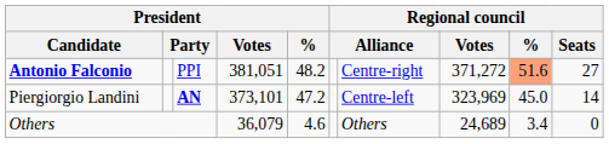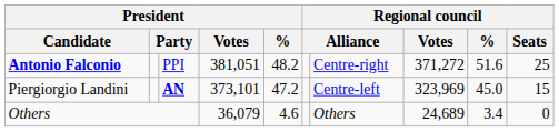 <table class="wikitable" style="text-align:right; style="width=65%">
 <tr>
 <th colspan="5">President</th>
 <th colspan="7">Regional council</th>
 </tr>
 <tr>
 <th>Candidate</th>
 <th colspan="2">Party</th>
 <th>Votes</th>
 <th>%</th>
 <th colspan="2">Alliance</th>
 <th>Votes</th>
 <th>%</th>
 <th>Seats</th>
 </tr>
 <tr>
 <td style="text-align:left"><strong><a href='#'>Antonio Falconio</a></strong></td>
 <td></td>
 <td style="text-align:left"><a href='#'>PPI</a></td>
 <td>381,051</td>
 <td>48.2</td>
 <td></td>
 <td style="text-align:left"><a href='#'>Centre-right</a></td>
 <td>371,272</td>
-<td style="background: lightsalmon;">51.6</td>
-<td>27</td>
+<td>51.6</td>
+<td>25</td>
 </tr>
 <tr>
 <td style="text-align:left">Piergiorgio Landini</td>
 <td></td>
 <td style="text-align:left"><strong><a href='#'>AN</a></strong></td>
 <td>373,101</td>
 <td>47.2</td>
 <td></td>
 <td style="text-align:left"><a href='#'>Centre-left</a></td>
 <td>323,969</td>
 <td>45.0</td>
-<td>14</td>
+<td>15</td>
 </tr>
 <tr>
 <td colspan="3" style="text-align:left"><em>Others</em></td>
 <td>36,079</td>
 <td>4.6</td>
 <td></td>
 <td style="text-align:left"><em>Others</em></td>
 <td>24,689</td>
 <td>3.4</td>
 <td>0</td>
 </tr>
 </table>
